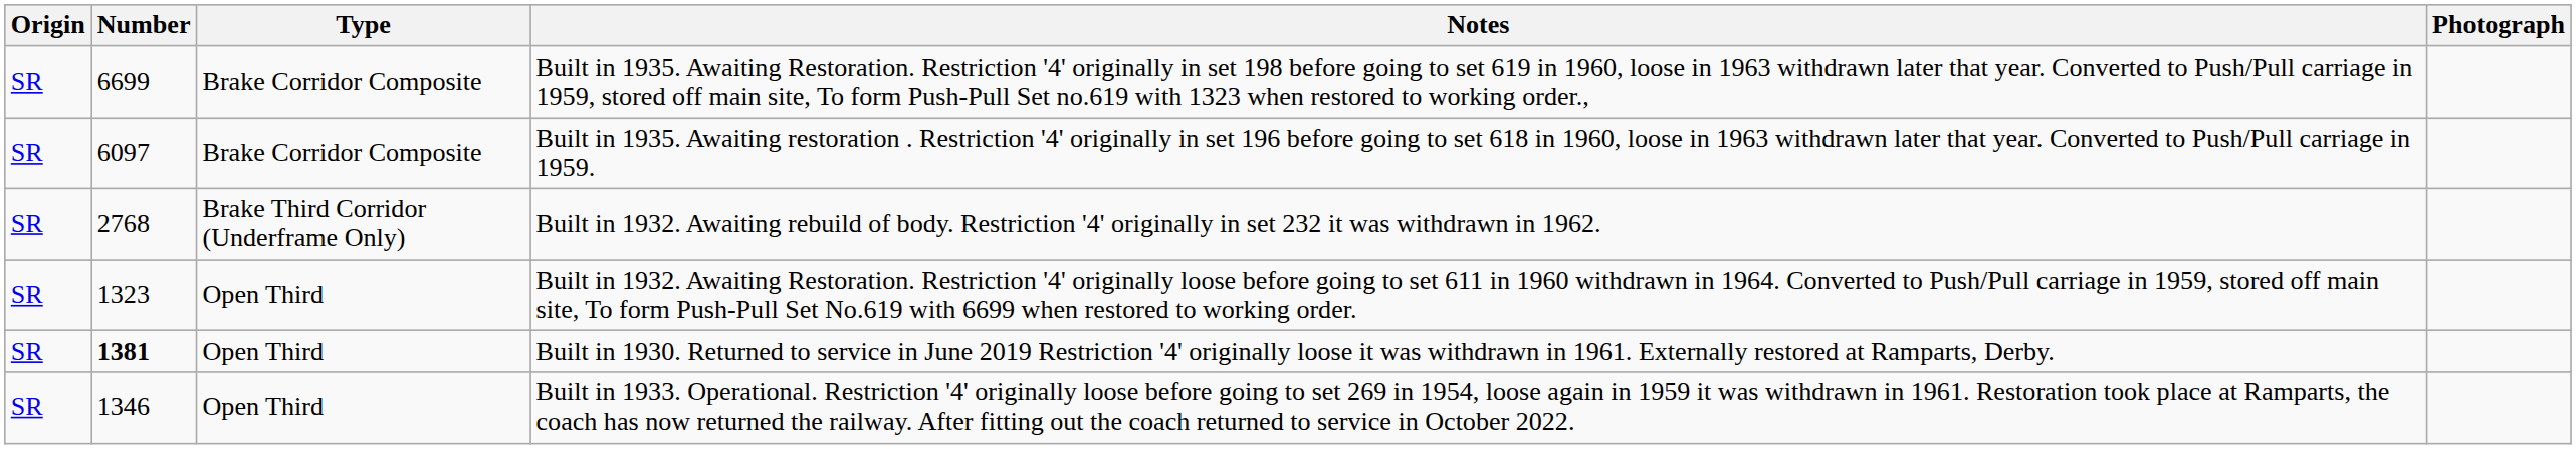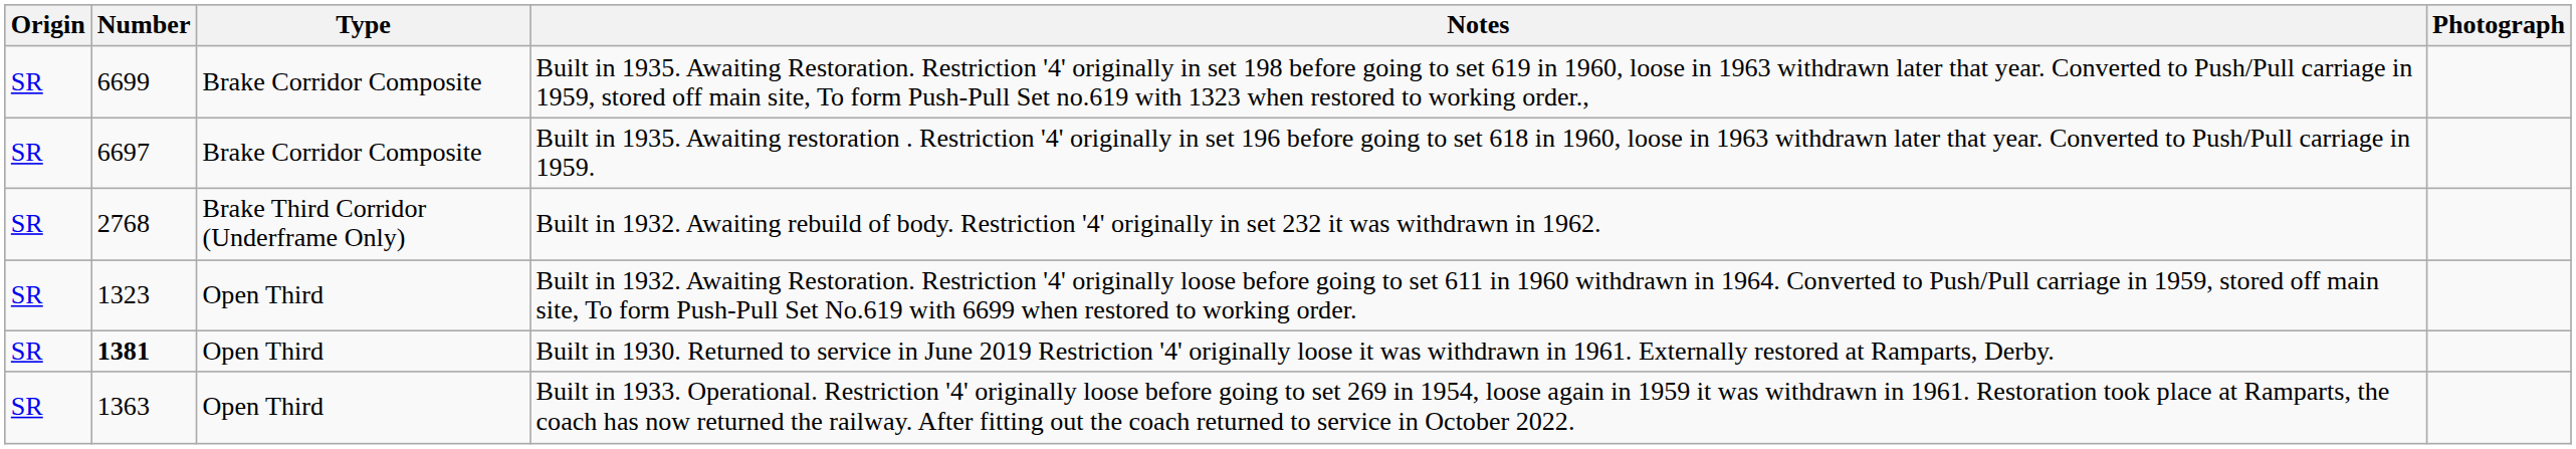 <table class="wikitable">
 <tr>
 <th>Origin</th>
 <th>Number</th>
 <th>Type</th>
 <th>Notes</th>
 <th>Photograph</th>
 </tr>
 <tr>
 <td><a href='#'>SR</a></td>
 <td>6699</td>
 <td>Brake Corridor Composite</td>
 <td>Built in 1935. Awaiting Restoration. Restriction '4' originally in set 198 before going to set 619 in 1960, loose in 1963 withdrawn later that year. Converted to Push/Pull carriage in 1959, stored off main site, To form Push-Pull Set no.619 with 1323 when restored to working order.,</td>
 <td></td>
 </tr>
 <tr>
 <td><a href='#'>SR</a></td>
-<td>6097</td>
+<td>6697</td>
 <td>Brake Corridor Composite</td>
 <td>Built in 1935. Awaiting restoration . Restriction '4' originally in set 196 before going to set 618 in 1960, loose in 1963 withdrawn later that year. Converted to Push/Pull carriage in 1959.</td>
 <td></td>
 </tr>
 <tr>
 <td><a href='#'>SR</a></td>
 <td>2768</td>
 <td>Brake Third Corridor (Underframe Only)</td>
 <td>Built in 1932. Awaiting rebuild of body. Restriction '4' originally in set 232 it was withdrawn in 1962.</td>
 <td></td>
 </tr>
 <tr>
 <td><a href='#'>SR</a></td>
 <td>1323</td>
 <td>Open Third</td>
 <td>Built in 1932. Awaiting Restoration. Restriction '4' originally loose before going to set 611 in 1960 withdrawn in 1964. Converted to Push/Pull carriage in 1959, stored off main site, To form Push-Pull Set No.619 with 6699 when restored to working order.</td>
 <td></td>
 </tr>
 <tr>
 <td><a href='#'>SR</a></td>
 <td><strong>1381</strong></td>
 <td>Open Third</td>
 <td>Built in 1930. Returned to service in June 2019 Restriction '4' originally loose it was withdrawn in 1961. Externally restored at Ramparts, Derby.</td>
 <td></td>
 </tr>
 <tr>
 <td><a href='#'>SR</a></td>
-<td>1346</td>
+<td>1363</td>
 <td>Open Third</td>
 <td>Built in 1933. Operational. Restriction '4' originally loose before going to set 269 in 1954, loose again in 1959 it was withdrawn in 1961. Restoration took place at Ramparts, the coach has now returned the railway. After fitting out the coach returned to service in October 2022.</td>
 <td></td>
 </tr>
 </table>
